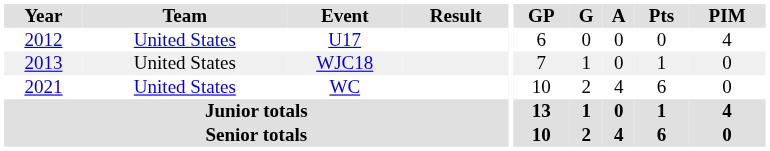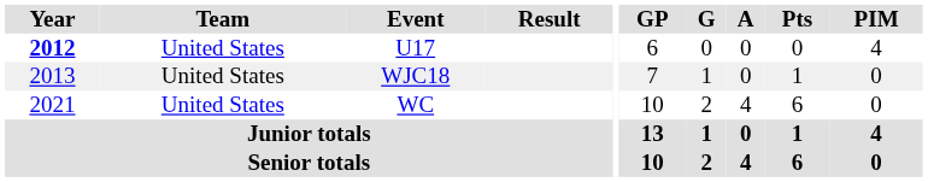 <table border="0" cellpadding="1" cellspacing="0" ID="Table3" style="text-align:center; width:40em">
 <tr ALIGN="center" bgcolor="#e0e0e0">
 <th>Year</th>
 <th>Team</th>
 <th>Event</th>
 <th>Result</th>
 <th rowspan="99" bgcolor="#ffffff"></th>
 <th>GP</th>
 <th>G</th>
 <th>A</th>
 <th>Pts</th>
 <th>PIM</th>
 </tr>
 <tr>
-<td><a href='#'>2012</a></td>
+<td><strong><a href='#'>2012</a></strong></td>
 <td><a href='#'>United States</a></td>
 <td><a href='#'>U17</a></td>
 <td></td>
 <td>6</td>
 <td>0</td>
 <td>0</td>
 <td>0</td>
 <td>4</td>
 </tr>
 <tr bgcolor="#f0f0f0">
 <td><a href='#'>2013</a></td>
 <td>United States</td>
 <td><a href='#'>WJC18</a></td>
 <td></td>
 <td>7</td>
 <td>1</td>
 <td>0</td>
 <td>1</td>
 <td>0</td>
 </tr>
 <tr>
 <td><a href='#'>2021</a></td>
 <td><a href='#'>United States</a></td>
 <td><a href='#'>WC</a></td>
 <td></td>
 <td>10</td>
 <td>2</td>
 <td>4</td>
 <td>6</td>
 <td>0</td>
 </tr>
 <tr bgcolor="#e0e0e0">
 <th colspan="4">Junior totals</th>
 <th>13</th>
 <th>1</th>
 <th>0</th>
 <th>1</th>
 <th>4</th>
 </tr>
 <tr bgcolor="#e0e0e0">
 <th colspan="4">Senior totals</th>
 <th>10</th>
 <th>2</th>
 <th>4</th>
 <th>6</th>
 <th>0</th>
 </tr>
 </table>
